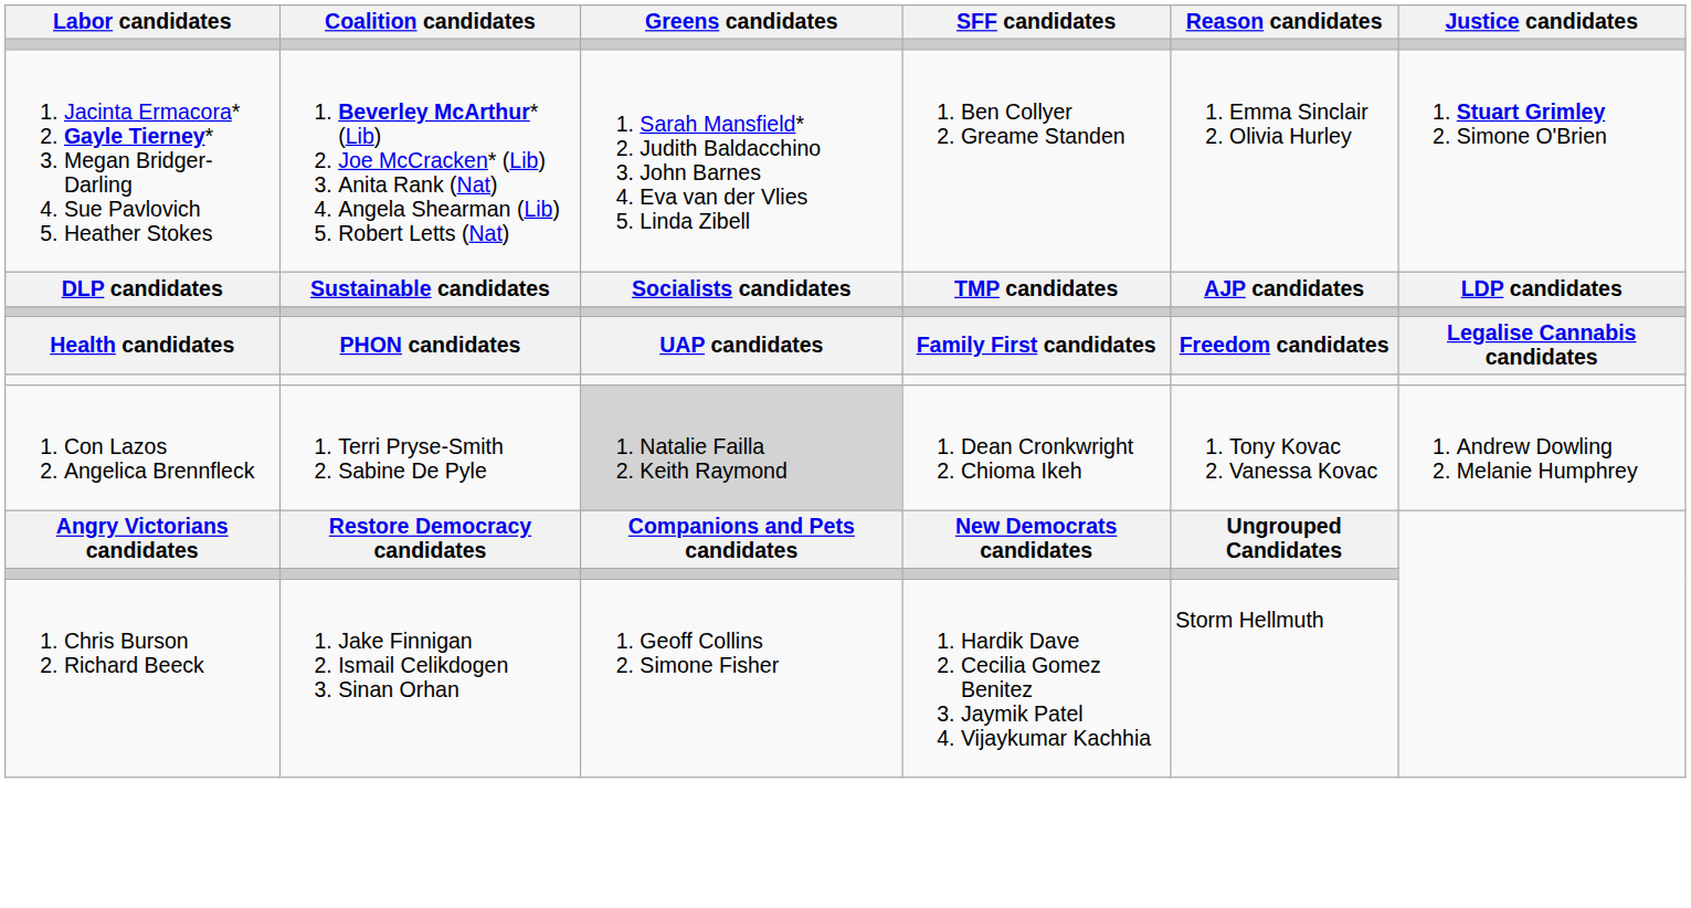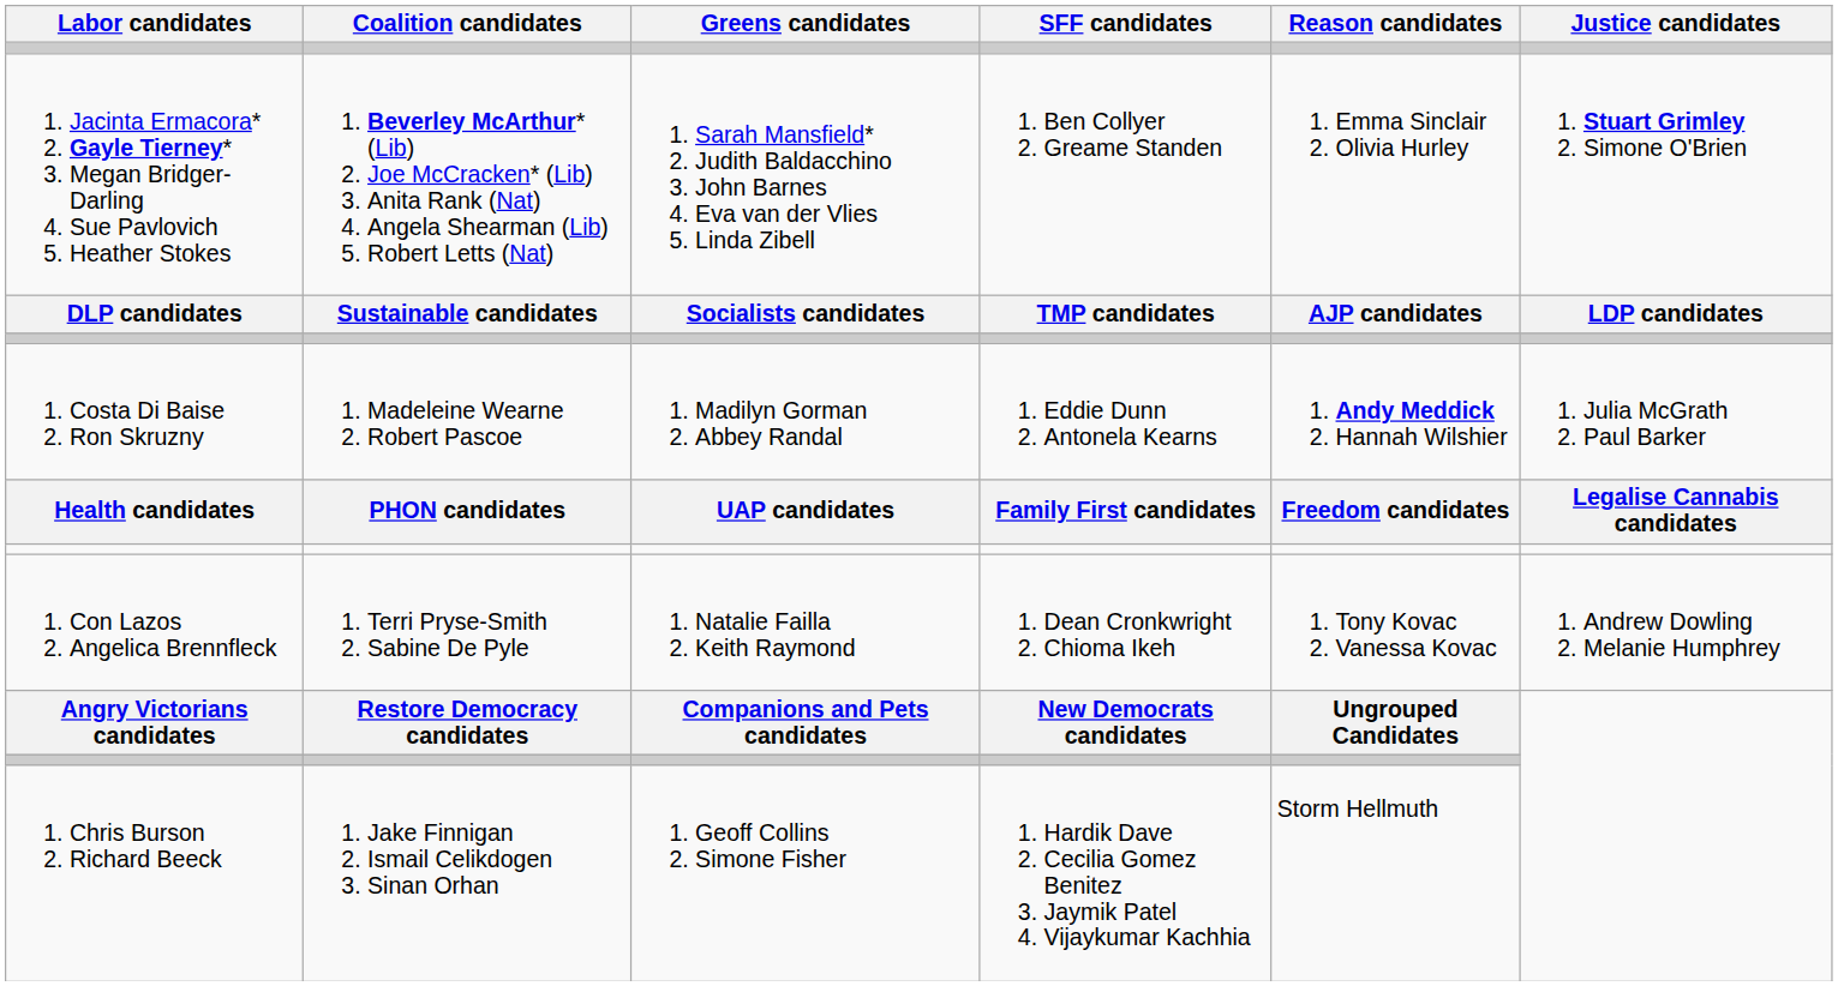 <table class="wikitable" style="max-width:90em";>
 <tr>
 <th><a href='#'>Labor</a> candidates</th>
 <th><a href='#'>Coalition</a> candidates</th>
 <th><a href='#'>Greens</a> candidates</th>
 <th><a href='#'>SFF</a> candidates</th>
 <th><a href='#'>Reason</a> candidates</th>
 <th><a href='#'>Justice</a> candidates</th>
 </tr>
 <tr style="background:#ccc;">
 <td></td>
 <td></td>
 <td></td>
 <td></td>
 <td></td>
 <td></td>
 </tr>
 <tr>
 <td><br><ol><li><a href='#'>Jacinta Ermacora</a>*</li><li><strong><a href='#'>Gayle Tierney</a></strong>*</li><li>Megan Bridger-Darling</li><li>Sue Pavlovich</li><li>Heather Stokes</li></ol></td>
 <td><br><ol><li><strong><a href='#'>Beverley McArthur</a></strong>* (<a href='#'>Lib</a>)</li><li><a href='#'>Joe McCracken</a>* (<a href='#'>Lib</a>)</li><li>Anita Rank (<a href='#'>Nat</a>)</li><li>Angela Shearman (<a href='#'>Lib</a>)</li><li>Robert Letts (<a href='#'>Nat</a>)</li></ol></td>
 <td><br><ol><li><a href='#'>Sarah Mansfield</a>*</li><li>Judith Baldacchino</li><li>John Barnes</li><li>Eva van der Vlies</li><li>Linda Zibell</li></ol></td>
 <td valign=top><br><ol><li>Ben Collyer</li><li>Greame Standen</li></ol></td>
 <td valign=top><br><ol><li>Emma Sinclair</li><li>Olivia Hurley</li></ol></td>
 <td valign=top><br><ol><li><strong><a href='#'>Stuart Grimley</a></strong></li><li>Simone O'Brien</li></ol></td>
 </tr>
 <tr style="background:#ccc;">
 <th><a href='#'>DLP</a> candidates</th>
 <th><a href='#'>Sustainable</a> candidates</th>
 <th><a href='#'>Socialists</a> candidates</th>
 <th><a href='#'>TMP</a> candidates</th>
 <th><a href='#'>AJP</a> candidates</th>
 <th><a href='#'>LDP</a> candidates</th>
 </tr>
 <tr style="background:#ccc;">
 <td></td>
 <td></td>
 <td></td>
 <td></td>
 <td></td>
 <td></td>
 </tr>
+<tr>
+<td valign=top><br><ol><li>Costa Di Baise</li><li>Ron Skruzny</li></ol></td>
+<td valign=top><br><ol><li>Madeleine Wearne</li><li>Robert Pascoe</li></ol></td>
+<td valign=top><br><ol><li>Madilyn Gorman</li><li>Abbey Randal</li></ol></td>
+<td valign=top><br><ol><li>Eddie Dunn</li><li>Antonela Kearns</li></ol></td>
+<td valign=top><br><ol><li><strong><a href='#'>Andy Meddick</a></strong></li><li>Hannah Wilshier</li></ol></td>
+<td valign=top><br><ol><li>Julia McGrath</li><li>Paul Barker</li></ol></td>
+</tr>
 <tr style="background:#ccc;">
 <th><a href='#'>Health</a> candidates</th>
 <th><a href='#'>PHON</a> candidates</th>
 <th><a href='#'>UAP</a> candidates</th>
 <th><a href='#'>Family First</a> candidates</th>
 <th><a href='#'>Freedom</a> candidates</th>
 <th><a href='#'>Legalise Cannabis</a> candidates</th>
 </tr>
 <tr>
 <td></td>
 <td></td>
 <td></td>
 <td></td>
 <td></td>
 <td></td>
 </tr>
 <tr>
 <td valign=top><br><ol><li>Con Lazos</li><li>Angelica Brennfleck</li></ol></td>
 <td valign=top><br><ol><li>Terri Pryse-Smith</li><li>Sabine De Pyle</li></ol></td>
-<td valign=top style="background: lightgrey;"><br><ol><li>Natalie Failla</li><li>Keith Raymond</li></ol></td>
+<td valign=top><br><ol><li>Natalie Failla</li><li>Keith Raymond</li></ol></td>
 <td valign=top><br><ol><li>Dean Cronkwright</li><li>Chioma Ikeh</li></ol></td>
 <td valign=top><br><ol><li>Tony Kovac</li><li>Vanessa Kovac</li></ol></td>
 <td valign=top><br><ol><li>Andrew Dowling</li><li>Melanie Humphrey</li></ol></td>
 </tr>
 <tr style="background:#ccc;">
 <th><a href='#'>Angry Victorians</a> candidates</th>
 <th><a href='#'>Restore Democracy</a> candidates</th>
 <th><a href='#'>Companions and Pets</a> candidates</th>
 <th><a href='#'>New Democrats</a> candidates</th>
 <th>Ungrouped Candidates</th>
 </tr>
 <tr style=background:#ccc>
 <td></td>
 <td></td>
 <td></td>
 <td></td>
 <td></td>
 </tr>
 <tr>
 <td valign=top><br><ol><li>Chris Burson</li><li>Richard Beeck</li></ol></td>
 <td valign=top><br><ol><li>Jake Finnigan</li><li>Ismail Celikdogen</li><li>Sinan Orhan</li></ol></td>
 <td valign=top><br><ol><li>Geoff Collins</li><li>Simone Fisher</li></ol></td>
 <td valign=top><br><ol><li>Hardik Dave</li><li>Cecilia Gomez Benitez</li><li>Jaymik Patel</li><li>Vijaykumar Kachhia</li></ol></td>
 <td valign=top><br>Storm Hellmuth</td>
 </tr>
 </table>
